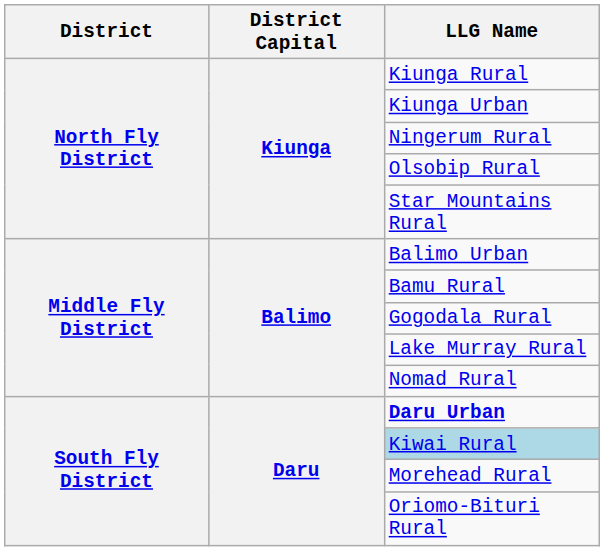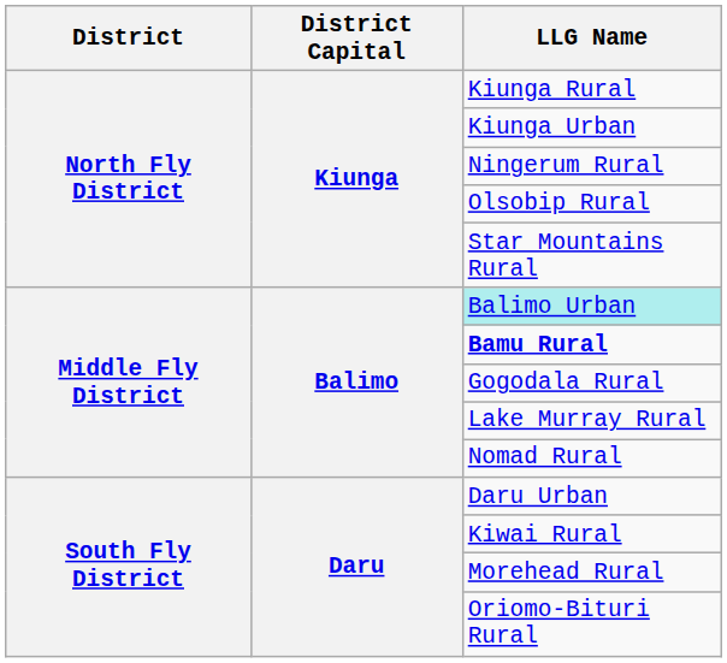 <table class="wikitable" style="text-align: left;" width="400">
 <tr>
 <th>District</th>
 <th>District Capital</th>
 <th>LLG Name</th>
 </tr>
 <tr>
 <th rowspan="5"><a href='#'>North Fly District</a></th>
 <th rowspan="5"><a href='#'>Kiunga</a></th>
 <td><a href='#'>Kiunga Rural</a></td>
 </tr>
 <tr>
 <td><a href='#'>Kiunga Urban</a></td>
 </tr>
 <tr>
 <td><a href='#'>Ningerum Rural</a></td>
 </tr>
 <tr>
 <td><a href='#'>Olsobip Rural</a></td>
 </tr>
 <tr>
 <td><a href='#'>Star Mountains Rural</a></td>
 </tr>
 <tr>
 <th rowspan="5"><a href='#'>Middle Fly District</a></th>
 <th rowspan="5"><a href='#'>Balimo</a></th>
-<td><a href='#'>Balimo Urban</a></td>
+<td style="background: paleturquoise;"><a href='#'>Balimo Urban</a></td>
 </tr>
 <tr>
-<td><a href='#'>Bamu Rural</a></td>
+<td><strong><a href='#'>Bamu Rural</a></strong></td>
 </tr>
 <tr>
 <td><a href='#'>Gogodala Rural</a></td>
 </tr>
 <tr>
 <td><a href='#'>Lake Murray Rural</a></td>
 </tr>
 <tr>
 <td><a href='#'>Nomad Rural</a></td>
 </tr>
 <tr>
 <th rowspan="4"><a href='#'>South Fly District</a></th>
 <th rowspan="4"><a href='#'>Daru</a></th>
-<td><strong><a href='#'>Daru Urban</a></strong></td>
+<td><a href='#'>Daru Urban</a></td>
 </tr>
 <tr>
-<td style="background: lightblue;"><a href='#'>Kiwai Rural</a></td>
+<td><a href='#'>Kiwai Rural</a></td>
 </tr>
 <tr>
 <td><a href='#'>Morehead Rural</a></td>
 </tr>
 <tr>
 <td><a href='#'>Oriomo-Bituri Rural</a></td>
 </tr>
 </table>
